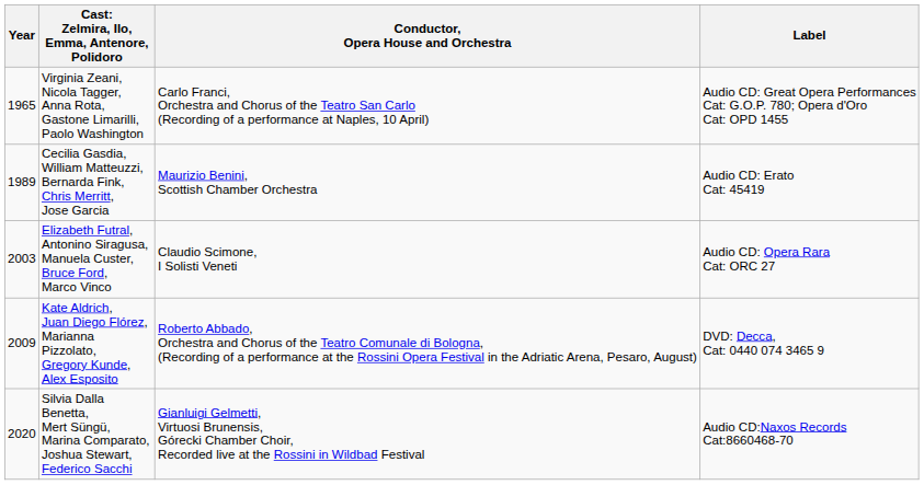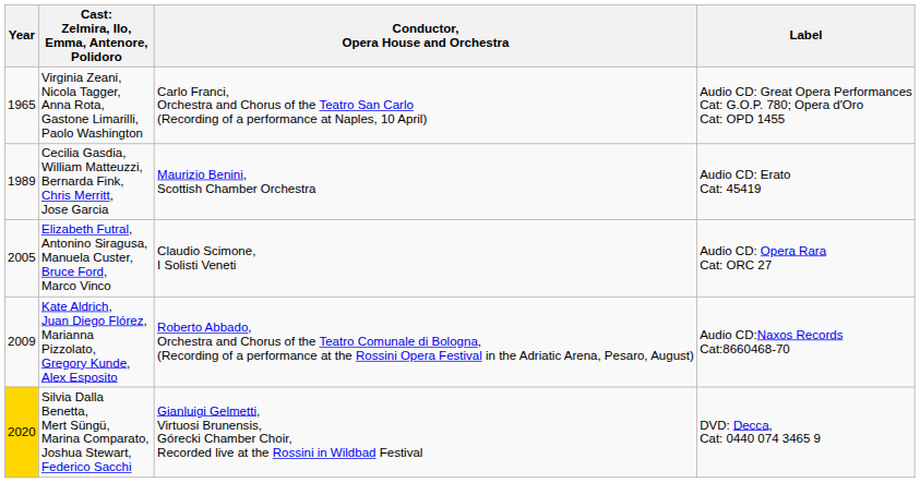 <table class="wikitable">
 <tr>
 <th>Year</th>
 <th width="140">Cast:<br> Zelmira, Ilo,<br>Emma, Antenore,<br>Polidoro</th>
 <th>Conductor,<br>Opera House and Orchestra</th>
 <th>Label </th>
 </tr>
 <tr>
 <td>1965</td>
 <td>Virginia Zeani,<br>Nicola Tagger, <br>Anna Rota, <br>Gastone Limarilli,<br>Paolo Washington</td>
 <td>Carlo Franci, <br>Orchestra and Chorus of the <a href='#'>Teatro San Carlo</a><br> (Recording of a performance at Naples, 10 April)</td>
 <td>Audio CD: Great Opera Performances<br>Cat: G.O.P. 780; Opera d'Oro<br>Cat: OPD 1455</td>
 </tr>
 <tr>
 <td>1989</td>
 <td>Cecilia Gasdia,<br>William Matteuzzi,<br>Bernarda Fink,<br><a href='#'>Chris Merritt</a>,<br>Jose Garcia</td>
 <td><a href='#'>Maurizio Benini</a>, <br>Scottish Chamber Orchestra</td>
 <td>Audio CD: Erato<br>Cat: 45419</td>
 </tr>
 <tr>
-<td>2003</td>
+<td>2005</td>
 <td><a href='#'>Elizabeth Futral</a>,<br>Antonino Siragusa,<br>Manuela Custer,<br><a href='#'>Bruce Ford</a>,<br>Marco Vinco</td>
 <td>Claudio Scimone,<br>I Solisti Veneti</td>
 <td>Audio CD: <a href='#'>Opera Rara</a><br>Cat: ORC 27</td>
 </tr>
 <tr>
 <td>2009</td>
 <td><a href='#'>Kate Aldrich</a>,<br><a href='#'>Juan Diego Flórez</a>,<br>Marianna Pizzolato,<br><a href='#'>Gregory Kunde</a>,<br><a href='#'>Alex Esposito</a></td>
 <td><a href='#'>Roberto Abbado</a>,<br> Orchestra and Chorus of the <a href='#'>Teatro Comunale di Bologna</a>,<br>(Recording of a performance at the <a href='#'>Rossini Opera Festival</a> in the Adriatic Arena, Pesaro, August)</td>
+<td>Audio CD:<a href='#'>Naxos Records</a><br>Cat:8660468-70</td>
+</tr>
+<tr>
+<td style="background: gold;">2020</td>
+<td>Silvia Dalla Benetta,<br>Mert Süngü,<br>Marina Comparato,<br>Joshua Stewart,<br><a href='#'>Federico Sacchi</a></td>
+<td><a href='#'>Gianluigi Gelmetti</a>,<br>Virtuosi Brunensis,<br>Górecki Chamber Choir,<br>Recorded live at the <a href='#'>Rossini in Wildbad</a> Festival</td>
 <td>DVD: <a href='#'>Decca</a>,<br>Cat: 0440 074 3465 9</td>
 </tr>
-<tr>
-<td>2020</td>
-<td>Silvia Dalla Benetta,<br>Mert Süngü,<br>Marina Comparato,<br>Joshua Stewart,<br><a href='#'>Federico Sacchi</a></td>
-<td><a href='#'>Gianluigi Gelmetti</a>,<br>Virtuosi Brunensis,<br>Górecki Chamber Choir,<br>Recorded live at the <a href='#'>Rossini in Wildbad</a> Festival</td>
-<td>Audio CD:<a href='#'>Naxos Records</a><br>Cat:8660468-70</td>
-</tr>
 </table>
